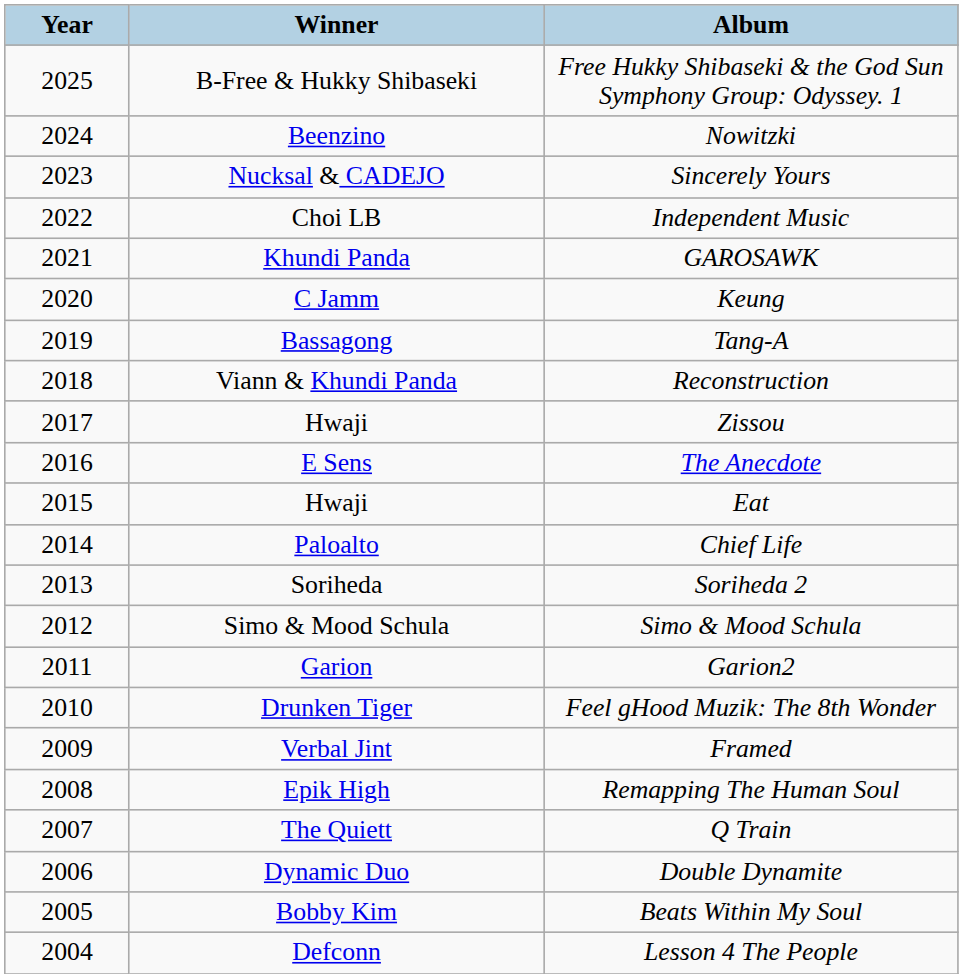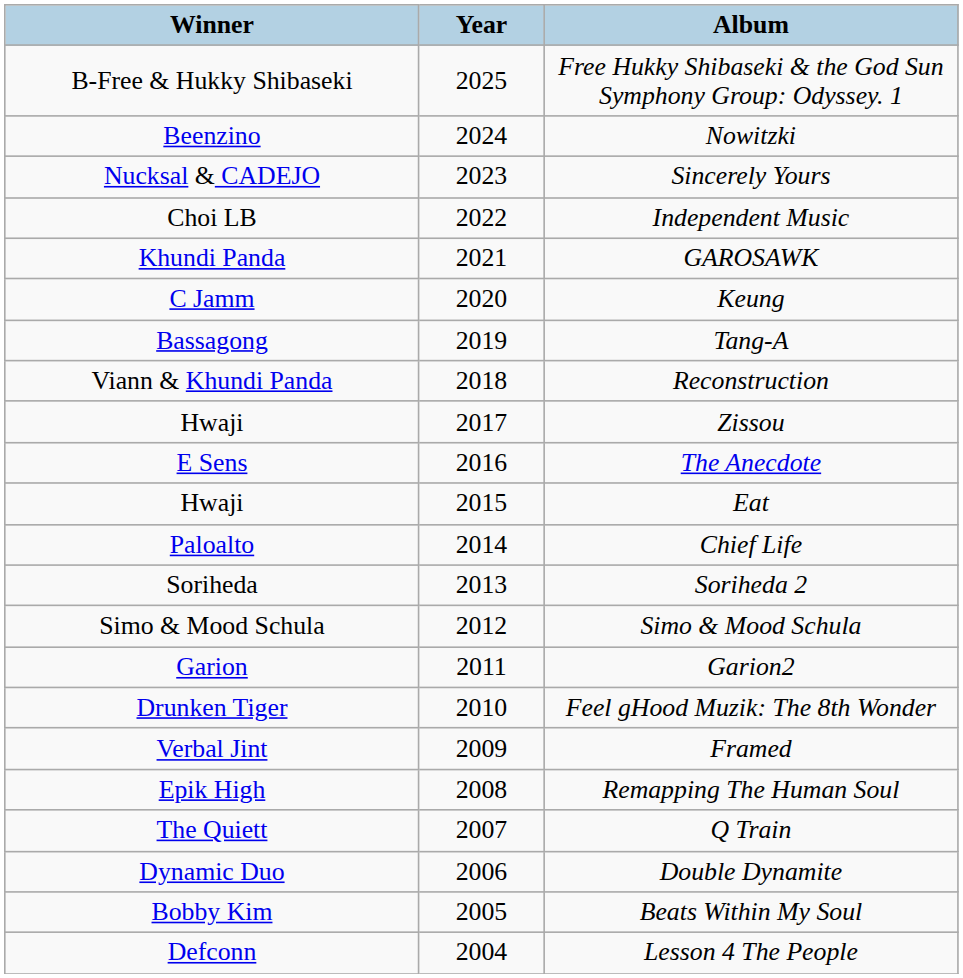 <table class="wikitable" style="text-align: center">
 <tr>
+<th width="250" style="background:#b3d1e3;">Winner</th>
 <th width="70" style="background:#b3d1e3;">Year</th>
-<th width="250" style="background:#b3d1e3;">Winner</th>
 <th width="250" style="background:#b3d1e3;">Album</th>
 </tr>
 <tr>
+<td>B-Free & Hukky Shibaseki</td>
 <td>2025</td>
-<td>B-Free & Hukky Shibaseki</td>
 <td><em>Free Hukky Shibaseki & the God Sun Symphony Group: Odyssey. 1</em></td>
 </tr>
 <tr>
+<td><a href='#'>Beenzino</a></td>
 <td>2024</td>
-<td><a href='#'>Beenzino</a></td>
 <td><em>Nowitzki</em></td>
 </tr>
 <tr>
+<td><a href='#'>Nucksal</a> &<a href='#'> CADEJO</a></td>
 <td>2023</td>
-<td><a href='#'>Nucksal</a> &<a href='#'> CADEJO</a></td>
 <td><em>Sincerely Yours</em></td>
 </tr>
 <tr>
+<td>Choi LB</td>
 <td>2022</td>
-<td>Choi LB</td>
 <td><em>Independent Music</em></td>
 </tr>
 <tr>
+<td><a href='#'>Khundi Panda</a></td>
 <td>2021</td>
-<td><a href='#'>Khundi Panda</a></td>
 <td><em>GAROSAWK</em></td>
 </tr>
 <tr>
+<td><a href='#'>C Jamm</a></td>
 <td>2020</td>
-<td><a href='#'>C Jamm</a></td>
 <td><em>Keung</em></td>
 </tr>
 <tr>
+<td><a href='#'>Bassagong</a></td>
 <td>2019</td>
-<td><a href='#'>Bassagong</a></td>
 <td><em>Tang-A</em></td>
 </tr>
 <tr>
+<td>Viann & <a href='#'>Khundi Panda</a></td>
 <td>2018</td>
-<td>Viann & <a href='#'>Khundi Panda</a></td>
 <td><em>Reconstruction</em></td>
 </tr>
 <tr>
+<td>Hwaji</td>
 <td>2017</td>
-<td>Hwaji</td>
 <td><em>Zissou</em></td>
 </tr>
 <tr>
+<td><a href='#'>E Sens</a></td>
 <td>2016</td>
-<td><a href='#'>E Sens</a></td>
 <td><em><a href='#'>The Anecdote</a></em></td>
 </tr>
 <tr>
+<td>Hwaji</td>
 <td>2015</td>
-<td>Hwaji</td>
 <td><em>Eat</em></td>
 </tr>
 <tr>
+<td><a href='#'>Paloalto</a></td>
 <td>2014</td>
-<td><a href='#'>Paloalto</a></td>
 <td><em>Chief Life</em></td>
 </tr>
 <tr>
+<td>Soriheda</td>
 <td>2013</td>
-<td>Soriheda</td>
 <td><em>Soriheda 2</em></td>
 </tr>
 <tr>
+<td>Simo & Mood Schula</td>
 <td>2012</td>
-<td>Simo & Mood Schula</td>
 <td><em>Simo & Mood Schula</em></td>
 </tr>
 <tr>
+<td><a href='#'>Garion</a></td>
 <td>2011</td>
-<td><a href='#'>Garion</a></td>
 <td><em>Garion2</em></td>
 </tr>
 <tr>
+<td><a href='#'>Drunken Tiger</a></td>
 <td>2010</td>
-<td><a href='#'>Drunken Tiger</a></td>
 <td><em>Feel gHood Muzik: The 8th Wonder</em></td>
 </tr>
 <tr>
+<td><a href='#'>Verbal Jint</a></td>
 <td>2009</td>
-<td><a href='#'>Verbal Jint</a></td>
 <td><em>Framed</em></td>
 </tr>
 <tr>
+<td><a href='#'>Epik High</a></td>
 <td>2008</td>
-<td><a href='#'>Epik High</a></td>
 <td><em>Remapping The Human Soul</em></td>
 </tr>
 <tr>
+<td><a href='#'>The Quiett</a></td>
 <td>2007</td>
-<td><a href='#'>The Quiett</a></td>
 <td><em>Q Train</em></td>
 </tr>
 <tr>
+<td><a href='#'>Dynamic Duo</a></td>
 <td>2006</td>
-<td><a href='#'>Dynamic Duo</a></td>
 <td><em>Double Dynamite</em></td>
 </tr>
 <tr>
+<td><a href='#'>Bobby Kim</a></td>
 <td>2005</td>
-<td><a href='#'>Bobby Kim</a></td>
 <td><em>Beats Within My Soul</em></td>
 </tr>
 <tr>
+<td><a href='#'>Defconn</a></td>
 <td>2004</td>
-<td><a href='#'>Defconn</a></td>
 <td><em>Lesson 4 The People</em></td>
 </tr>
 </table>
